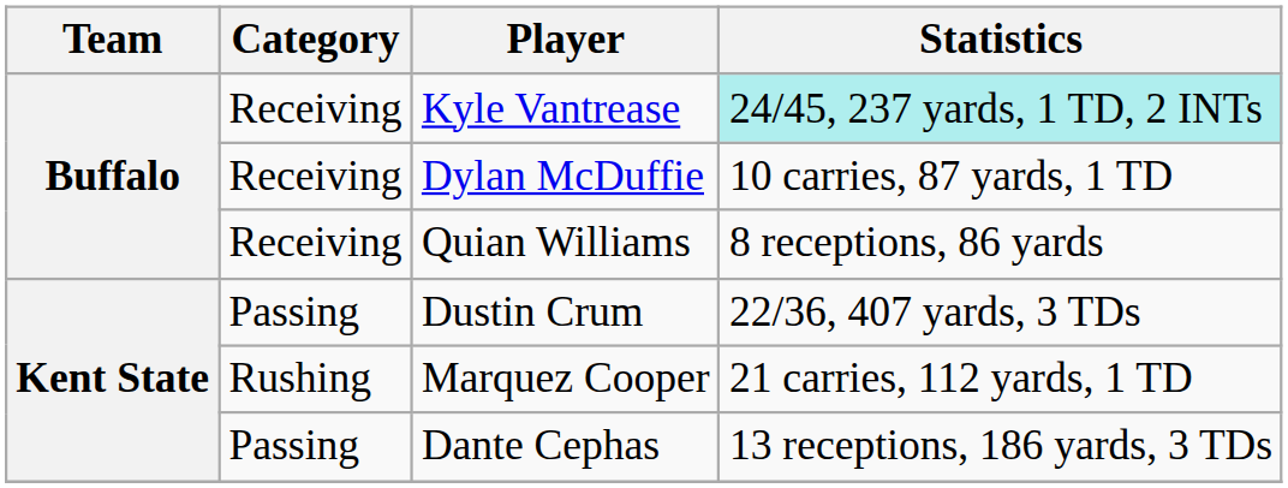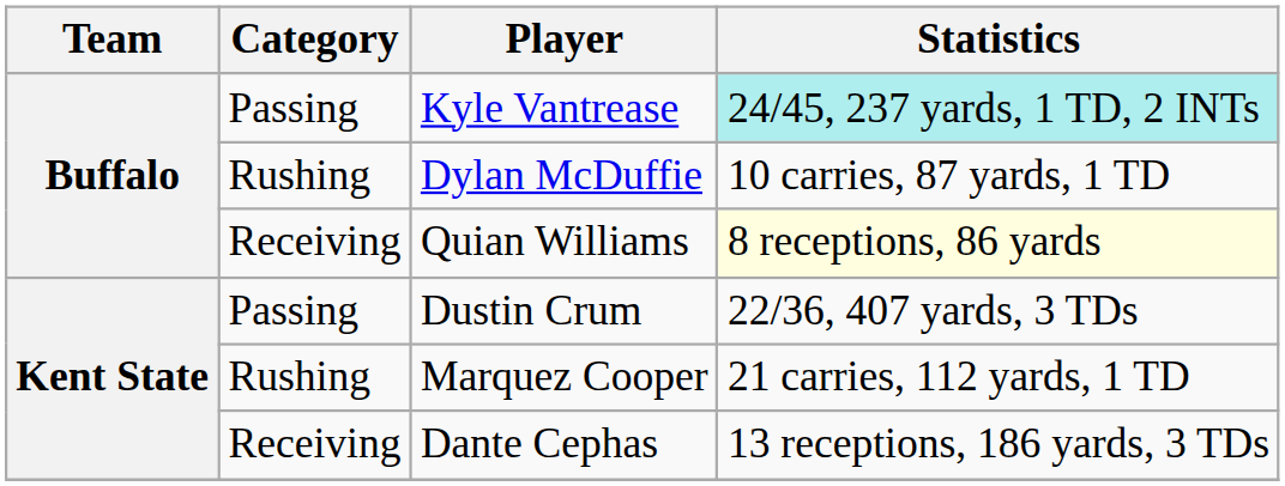 <table class="wikitable" style="float: left;">
 <tr>
 <th>Team</th>
 <th>Category</th>
 <th>Player</th>
 <th>Statistics</th>
 </tr>
 <tr>
 <th rowspan=3>Buffalo</th>
-<td>Receiving</td>
+<td>Passing</td>
 <td><a href='#'>Kyle Vantrease</a></td>
 <td style="background: paleturquoise;">24/45, 237 yards, 1 TD, 2 INTs</td>
 </tr>
 <tr>
-<td>Receiving</td>
+<td>Rushing</td>
 <td><a href='#'>Dylan McDuffie</a></td>
 <td>10 carries, 87 yards, 1 TD</td>
 </tr>
 <tr>
 <td>Receiving</td>
 <td>Quian Williams</td>
-<td>8 receptions, 86 yards</td>
+<td style="background: lightyellow;">8 receptions, 86 yards</td>
 </tr>
 <tr>
 <th rowspan=3 style=>Kent State</th>
 <td>Passing</td>
 <td>Dustin Crum</td>
 <td>22/36, 407 yards, 3 TDs</td>
 </tr>
 <tr>
 <td>Rushing</td>
 <td>Marquez Cooper</td>
 <td>21 carries, 112 yards, 1 TD</td>
 </tr>
 <tr>
-<td>Passing</td>
+<td>Receiving</td>
 <td>Dante Cephas</td>
 <td>13 receptions, 186 yards, 3 TDs</td>
 </tr>
 <tr>
 </tr>
 </table>
